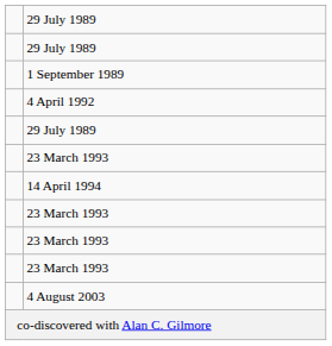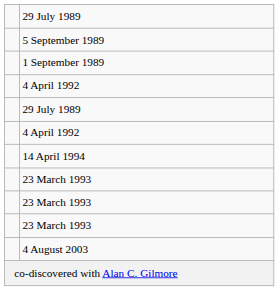 <table class="wikitable" style="font-size: 89%; float: left; width: 24em; margin-right: 1em; line-height: 1.6em !important;">
 <tr>
 <td> </td>
 <td>29 July 1989</td>
 </tr>
 <tr>
 <td> </td>
-<td>29 July 1989</td>
+<td>5 September 1989</td>
 </tr>
 <tr>
 <td> </td>
 <td>1 September 1989</td>
 </tr>
 <tr>
 <td> </td>
 <td>4 April 1992</td>
 </tr>
 <tr>
 <td> </td>
 <td>29 July 1989</td>
 </tr>
 <tr>
 <td> </td>
-<td>23 March 1993</td>
+<td>4 April 1992</td>
 </tr>
 <tr>
 <td> </td>
 <td>14 April 1994</td>
 </tr>
 <tr>
 <td> </td>
 <td>23 March 1993</td>
 </tr>
 <tr>
 <td> </td>
 <td>23 March 1993</td>
 </tr>
 <tr>
 <td> </td>
 <td>23 March 1993</td>
 </tr>
 <tr>
 <td> </td>
 <td>4 August 2003</td>
 </tr>
 <tr>
 <th colspan=2 style="font-weight: normal; text-align: left; padding: 4px 12px;"> co-discovered with <a href='#'>Alan C. Gilmore</a></th>
 </tr>
 </table>
